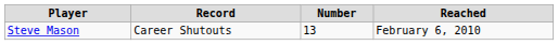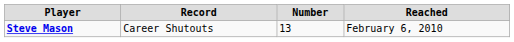 <table class="wikitable" style="width:52%;">
 <tr style="text-align:center; background:#ddd;">
 <td><strong>Player</strong></td>
 <td><strong>Record</strong></td>
 <td><strong>Number</strong></td>
 <td><strong>Reached</strong></td>
 </tr>
 <tr>
-<td><a href='#'>Steve Mason</a></td>
+<td><strong><a href='#'>Steve Mason</a></strong></td>
 <td>Career Shutouts</td>
 <td>13</td>
 <td>February 6, 2010</td>
 </tr>
 </table>
